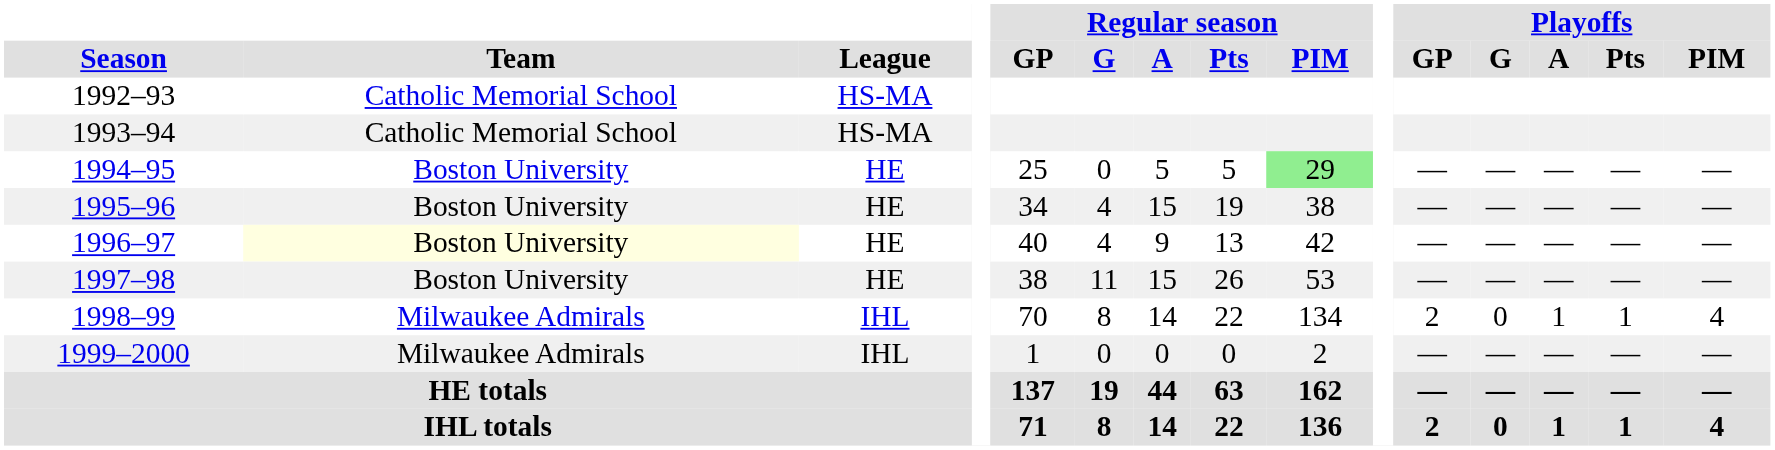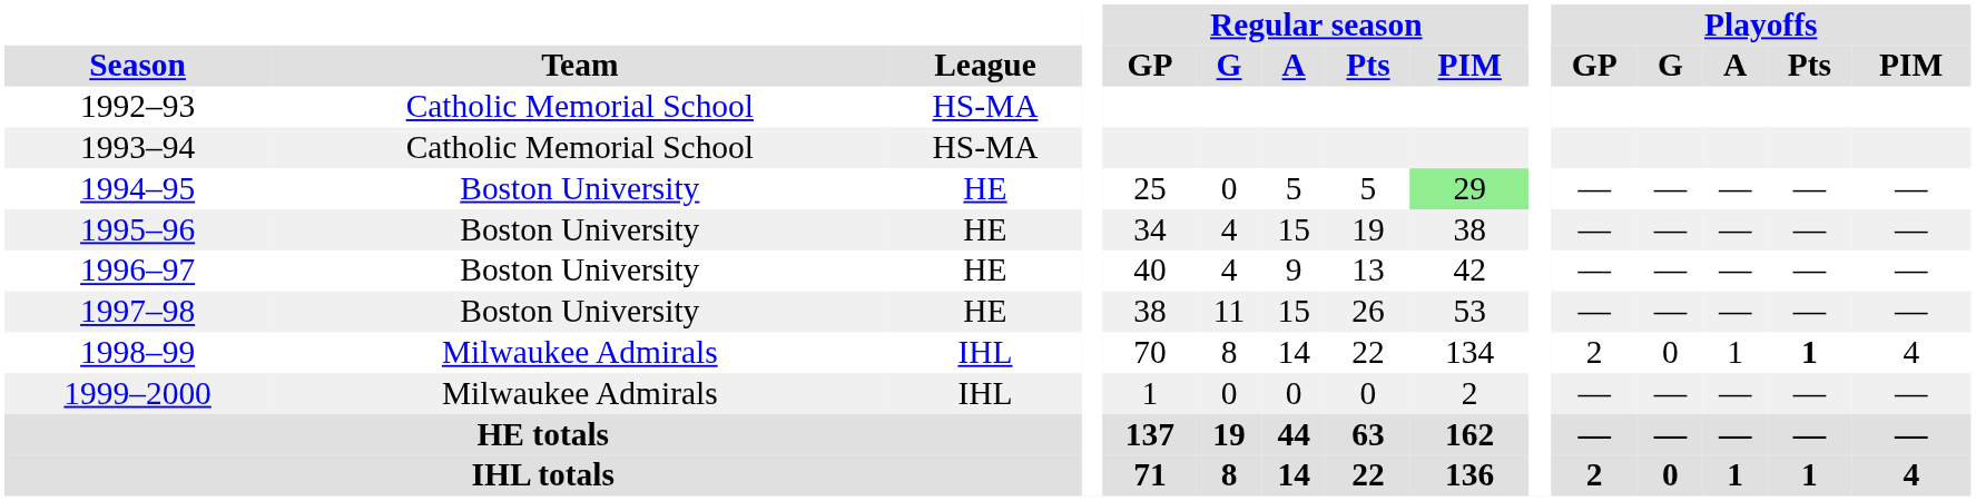 <table border="0" cellpadding="1" cellspacing="0" style="text-align:center; width:60em">
 <tr bgcolor="#e0e0e0">
 <th colspan="3" bgcolor="#ffffff"> </th>
 <th rowspan="100" bgcolor="#ffffff"> </th>
 <th colspan="5"><a href='#'>Regular season</a></th>
 <th rowspan="100" bgcolor="#ffffff"> </th>
 <th colspan="5"><a href='#'>Playoffs</a></th>
 </tr>
 <tr bgcolor="#e0e0e0">
 <th><a href='#'>Season</a></th>
 <th>Team</th>
 <th>League</th>
 <th>GP</th>
 <th><a href='#'>G</a></th>
 <th><a href='#'>A</a></th>
 <th><a href='#'>Pts</a></th>
 <th><a href='#'>PIM</a></th>
 <th>GP</th>
 <th>G</th>
 <th>A</th>
 <th>Pts</th>
 <th>PIM</th>
 </tr>
 <tr>
 <td>1992–93</td>
 <td><a href='#'>Catholic Memorial School</a></td>
 <td><a href='#'>HS-MA</a></td>
 <td></td>
 <td></td>
 <td></td>
 <td></td>
 <td></td>
 <td></td>
 <td></td>
 <td></td>
 <td></td>
 <td></td>
 </tr>
 <tr bgcolor="#f0f0f0">
 <td>1993–94</td>
 <td>Catholic Memorial School</td>
 <td>HS-MA</td>
 <td></td>
 <td></td>
 <td></td>
 <td></td>
 <td></td>
 <td></td>
 <td></td>
 <td></td>
 <td></td>
 <td></td>
 </tr>
 <tr>
 <td><a href='#'>1994–95</a></td>
 <td><a href='#'>Boston University</a></td>
 <td><a href='#'>HE</a></td>
 <td>25</td>
 <td>0</td>
 <td>5</td>
 <td>5</td>
 <td style="background: lightgreen;">29</td>
 <td>—</td>
 <td>—</td>
 <td>—</td>
 <td>—</td>
 <td>—</td>
 </tr>
 <tr bgcolor="#f0f0f0">
 <td><a href='#'>1995–96</a></td>
 <td>Boston University</td>
 <td>HE</td>
 <td>34</td>
 <td>4</td>
 <td>15</td>
 <td>19</td>
 <td>38</td>
 <td>—</td>
 <td>—</td>
 <td>—</td>
 <td>—</td>
 <td>—</td>
 </tr>
 <tr>
 <td><a href='#'>1996–97</a></td>
-<td style="background: lightyellow;">Boston University</td>
+<td>Boston University</td>
 <td>HE</td>
 <td>40</td>
 <td>4</td>
 <td>9</td>
 <td>13</td>
 <td>42</td>
 <td>—</td>
 <td>—</td>
 <td>—</td>
 <td>—</td>
 <td>—</td>
 </tr>
 <tr bgcolor="#f0f0f0">
 <td><a href='#'>1997–98</a></td>
 <td>Boston University</td>
 <td>HE</td>
 <td>38</td>
 <td>11</td>
 <td>15</td>
 <td>26</td>
 <td>53</td>
 <td>—</td>
 <td>—</td>
 <td>—</td>
 <td>—</td>
 <td>—</td>
 </tr>
 <tr>
 <td><a href='#'>1998–99</a></td>
 <td><a href='#'>Milwaukee Admirals</a></td>
 <td><a href='#'>IHL</a></td>
 <td>70</td>
 <td>8</td>
 <td>14</td>
 <td>22</td>
 <td>134</td>
 <td>2</td>
 <td>0</td>
 <td>1</td>
-<td>1</td>
+<td><strong>1</strong></td>
 <td>4</td>
 </tr>
 <tr bgcolor="#f0f0f0">
 <td><a href='#'>1999–2000</a></td>
 <td>Milwaukee Admirals</td>
 <td>IHL</td>
 <td>1</td>
 <td>0</td>
 <td>0</td>
 <td>0</td>
 <td>2</td>
 <td>—</td>
 <td>—</td>
 <td>—</td>
 <td>—</td>
 <td>—</td>
 </tr>
 <tr bgcolor="#e0e0e0">
 <th colspan="3">HE totals</th>
 <th>137</th>
 <th>19</th>
 <th>44</th>
 <th>63</th>
 <th>162</th>
 <th>—</th>
 <th>—</th>
 <th>—</th>
 <th>—</th>
 <th>—</th>
 </tr>
 <tr bgcolor="#e0e0e0">
 <th colspan="3">IHL totals</th>
 <th>71</th>
 <th>8</th>
 <th>14</th>
 <th>22</th>
 <th>136</th>
 <th>2</th>
 <th>0</th>
 <th>1</th>
 <th>1</th>
 <th>4</th>
 </tr>
 </table>
